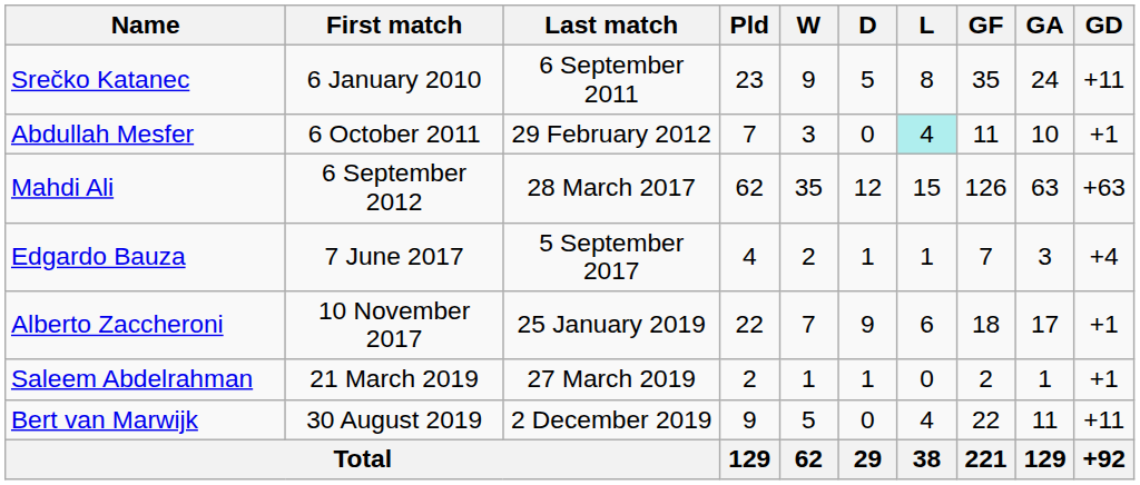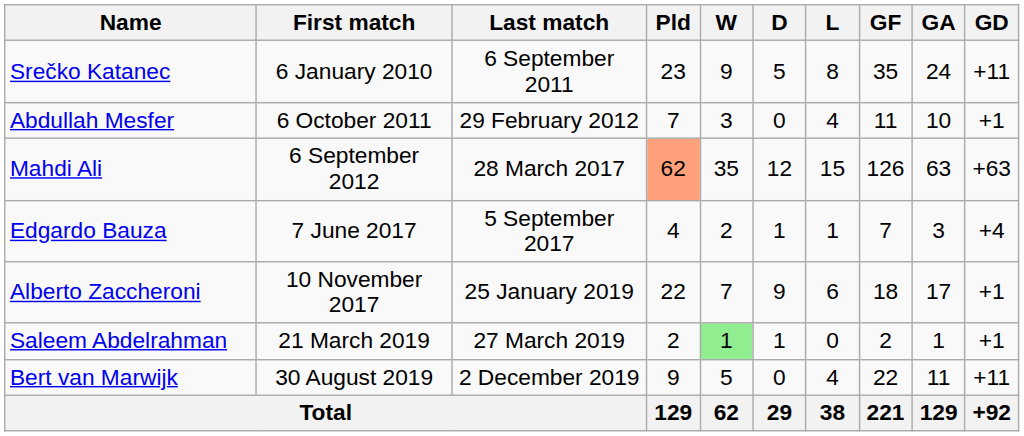 <table class="wikitable" style="text-align: center;">
 <tr>
 <th width=170>Name</th>
 <th width=130>First match</th>
 <th width=130>Last match</th>
 <th width=30>Pld</th>
 <th width=30>W</th>
 <th width=30>D</th>
 <th width=30>L</th>
 <th width=30>GF</th>
 <th width=30>GA</th>
 <th width=30>GD</th>
 </tr>
 <tr>
 <td align="left"> <a href='#'>Srečko Katanec</a></td>
 <td>6 January 2010</td>
 <td>6 September 2011</td>
 <td>23</td>
 <td>9</td>
 <td>5</td>
 <td>8</td>
 <td>35</td>
 <td>24</td>
 <td>+11</td>
 </tr>
 <tr>
 <td align="left"> <a href='#'>Abdullah Mesfer</a></td>
 <td>6 October 2011</td>
 <td>29 February 2012</td>
 <td>7</td>
 <td>3</td>
 <td>0</td>
-<td style="background: paleturquoise;">4</td>
+<td>4</td>
 <td>11</td>
 <td>10</td>
 <td>+1</td>
 </tr>
 <tr>
 <td align="left"> <a href='#'>Mahdi Ali</a></td>
 <td>6 September 2012</td>
 <td>28 March 2017</td>
-<td>62</td>
+<td style="background: lightsalmon;">62</td>
 <td>35</td>
 <td>12</td>
 <td>15</td>
 <td>126</td>
 <td>63</td>
 <td>+63</td>
 </tr>
 <tr>
 <td align="left"> <a href='#'>Edgardo Bauza</a></td>
 <td>7 June 2017</td>
 <td>5 September 2017</td>
 <td>4</td>
 <td>2</td>
 <td>1</td>
 <td>1</td>
 <td>7</td>
 <td>3</td>
 <td>+4</td>
 </tr>
 <tr>
 <td align="left"> <a href='#'>Alberto Zaccheroni</a></td>
 <td>10 November 2017</td>
 <td>25 January 2019</td>
 <td>22</td>
 <td>7</td>
 <td>9</td>
 <td>6</td>
 <td>18</td>
 <td>17</td>
 <td>+1</td>
 </tr>
 <tr>
 <td align="left"> <a href='#'>Saleem Abdelrahman</a></td>
 <td>21 March 2019</td>
 <td>27 March 2019</td>
 <td>2</td>
-<td>1</td>
+<td style="background: lightgreen;">1</td>
 <td>1</td>
 <td>0</td>
 <td>2</td>
 <td>1</td>
 <td>+1</td>
 </tr>
 <tr>
 <td align="left"> <a href='#'>Bert van Marwijk</a></td>
 <td>30 August 2019</td>
 <td>2 December 2019</td>
 <td>9</td>
 <td>5</td>
 <td>0</td>
 <td>4</td>
 <td>22</td>
 <td>11</td>
 <td>+11</td>
 </tr>
 <tr>
 <th colspan=3>Total</th>
 <th>129</th>
 <th>62</th>
 <th>29</th>
 <th>38</th>
 <th>221</th>
 <th>129</th>
 <th>+92</th>
 </tr>
 </table>
